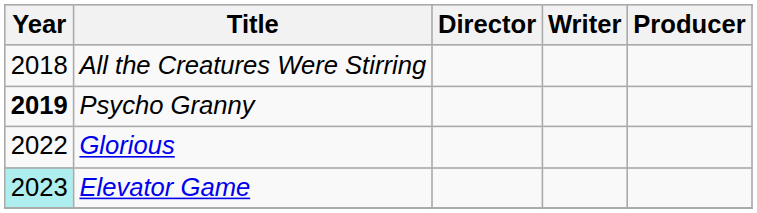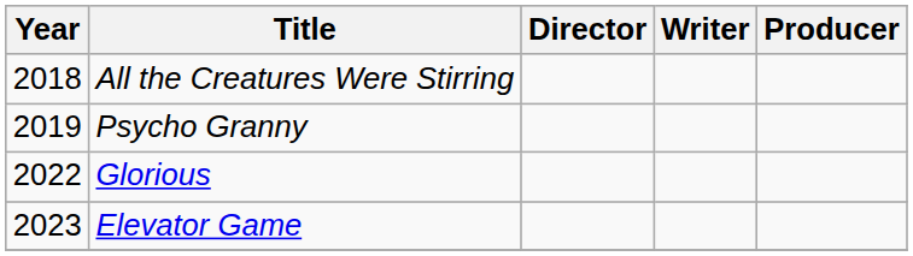 <table class="wikitable">
 <tr>
 <th>Year</th>
 <th>Title</th>
 <th>Director</th>
 <th>Writer</th>
 <th>Producer</th>
 </tr>
 <tr>
 <td>2018</td>
 <td><em>All the Creatures Were Stirring</em></td>
 <td></td>
 <td></td>
 <td></td>
 </tr>
 <tr>
-<td><strong>2019</strong></td>
+<td>2019</td>
 <td><em>Psycho Granny</em></td>
 <td></td>
 <td></td>
 <td></td>
 </tr>
 <tr>
 <td>2022</td>
 <td><em><a href='#'>Glorious</a></em></td>
 <td></td>
 <td></td>
 <td></td>
 </tr>
 <tr>
-<td style="background: paleturquoise;">2023</td>
+<td>2023</td>
 <td><em><a href='#'>Elevator Game</a></em></td>
 <td></td>
 <td></td>
 <td></td>
 </tr>
 <tr>
 </tr>
 </table>
